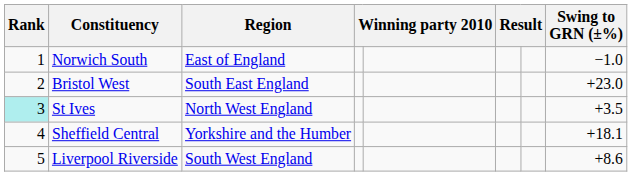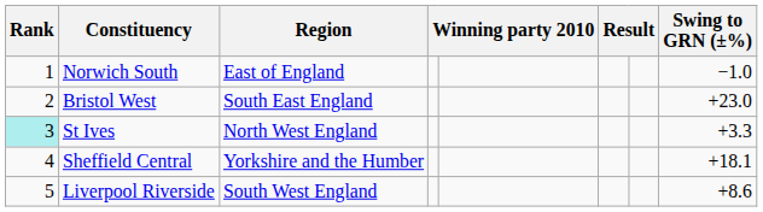 <table class="wikitable sortable">
 <tr>
 <th rowspan=1>Rank</th>
 <th rowspan=1>Constituency</th>
 <th rowspan=1>Region</th>
 <th colspan=2>Winning party 2010</th>
 <th colspan=2>Result</th>
 <th rowspan=1>Swing to<br>GRN (±%)</th>
 </tr>
 <tr>
 <td style="text-align: right;">1</td>
 <td><a href='#'>Norwich South</a></td>
 <td><a href='#'>East of England</a></td>
 <td style="color:inherit;background:"></td>
 <td></td>
 <td style="color:inherit;background-color: "></td>
 <td></td>
 <td style="text-align: right;">−1.0</td>
 </tr>
 <tr>
 <td style="text-align: right;">2</td>
 <td><a href='#'>Bristol West</a></td>
 <td><a href='#'>South East England</a></td>
 <td style="color:inherit;background:"></td>
 <td></td>
 <td style="color:inherit;background-color: "></td>
 <td></td>
 <td style="text-align: right;">+23.0</td>
 </tr>
 <tr>
 <td style="background: paleturquoise; text-align: right;">3</td>
 <td><a href='#'>St Ives</a></td>
 <td><a href='#'>North West England</a></td>
 <td style="color:inherit;background:"></td>
 <td></td>
 <td style="color:inherit;background:"></td>
 <td></td>
-<td style="text-align: right;">+3.5</td>
+<td style="text-align: right;">+3.3</td>
 </tr>
 <tr>
 <td style="text-align: right;">4</td>
 <td><a href='#'>Sheffield Central</a></td>
 <td><a href='#'>Yorkshire and the Humber</a></td>
 <td width="1px"></td>
 <td></td>
 <td style="color:inherit;background-color: "></td>
 <td></td>
 <td style="text-align: right;">+18.1</td>
 </tr>
 <tr>
 <td style="text-align: right;">5</td>
 <td><a href='#'>Liverpool Riverside</a></td>
 <td><a href='#'>South West England</a></td>
 <td width="1px"></td>
 <td></td>
 <td style="color:inherit;background-color: "></td>
 <td></td>
 <td style="text-align: right;">+8.6</td>
 </tr>
 </table>
